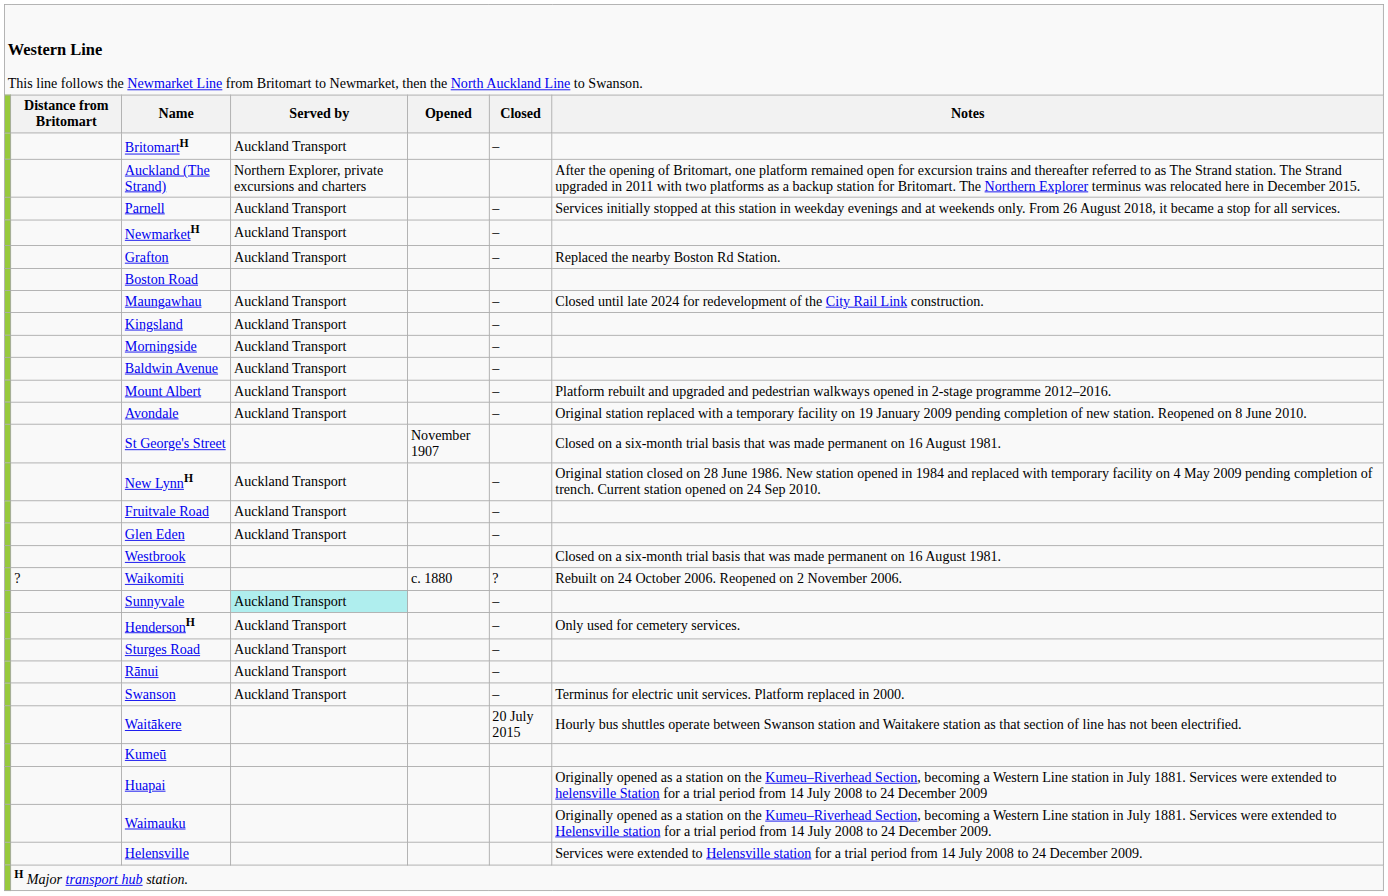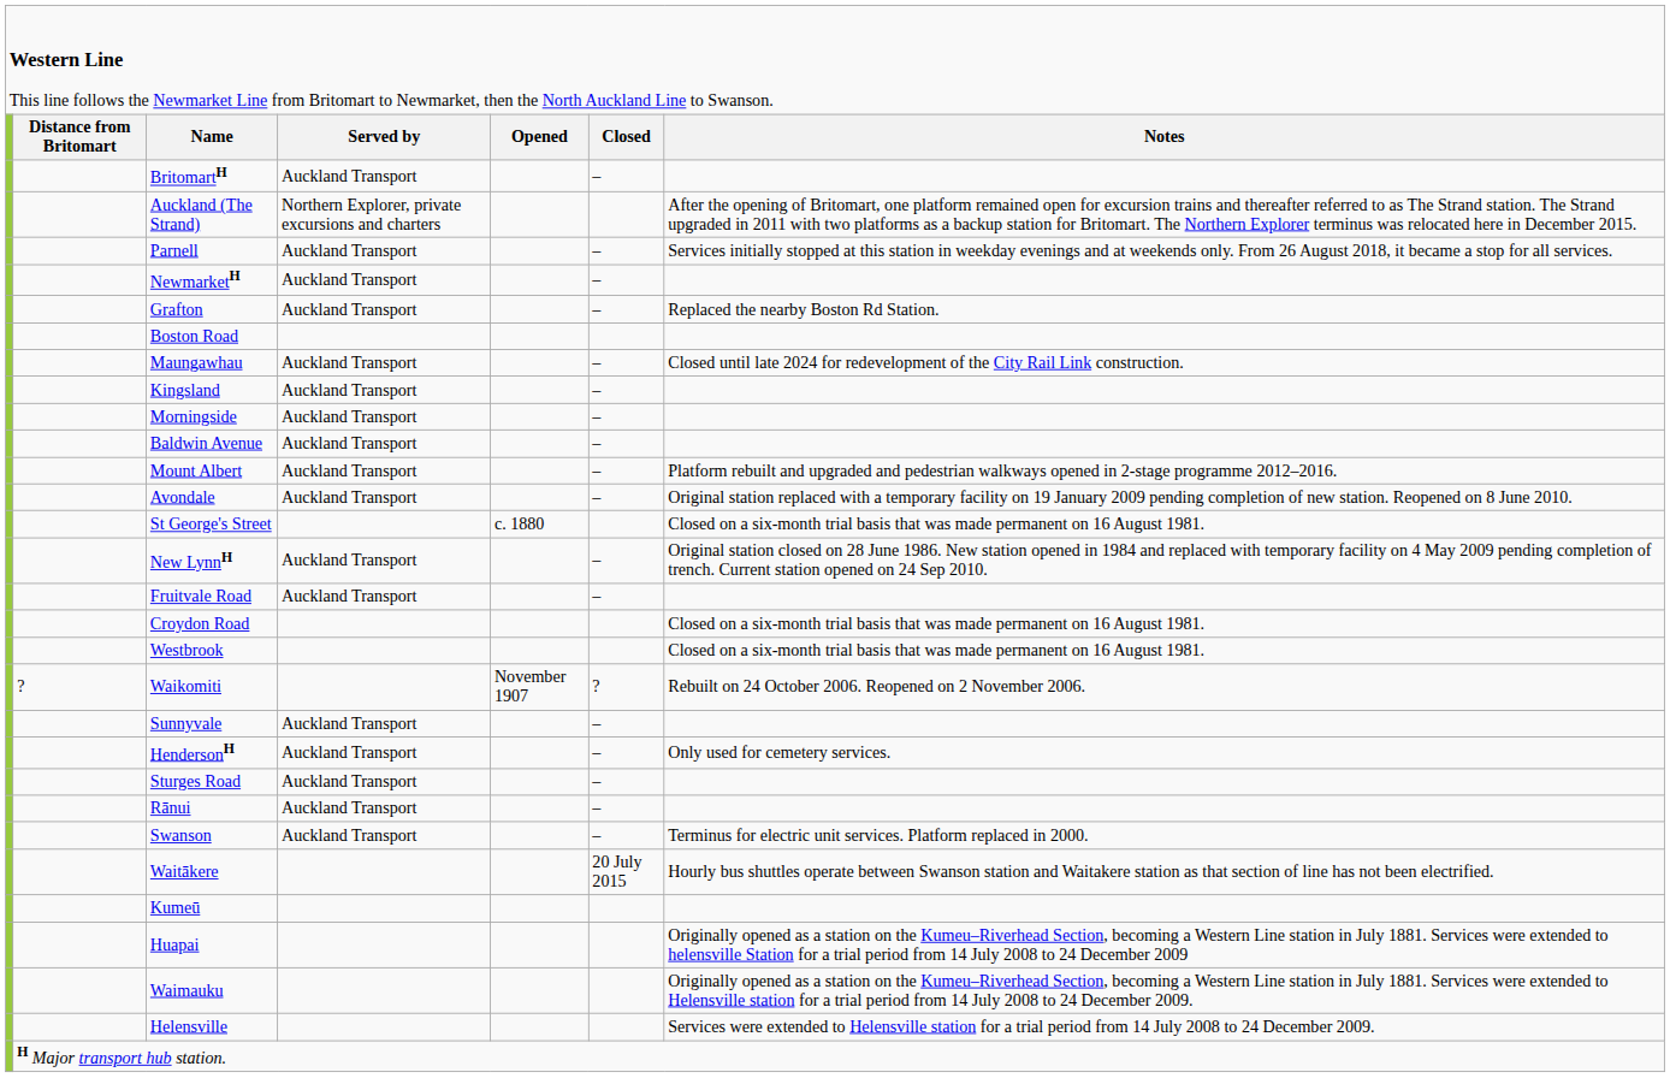 <table class="wikitable">
 <tr>
 <td align="left" colspan=7><br><h3>Western Line</h3> This line follows the <a href='#'>Newmarket Line</a> from Britomart to Newmarket, then the <a href='#'>North Auckland Line</a> to Swanson.</td>
 </tr>
 <tr>
 <td bgcolor=97c93d></td>
 <th>Distance from Britomart</th>
 <th>Name</th>
 <th>Served by</th>
 <th>Opened</th>
 <th>Closed</th>
 <th>Notes</th>
 </tr>
 <tr>
 <td bgcolor=97c93d></td>
 <td></td>
 <td><a href='#'>Britomart</a><strong><sup>H</sup></strong></td>
 <td>Auckland Transport</td>
 <td></td>
 <td>–</td>
 <td></td>
 </tr>
 <tr>
 <td bgcolor=97c93d></td>
 <td></td>
 <td><a href='#'>Auckland (The Strand)</a></td>
 <td>Northern Explorer, private excursions and charters</td>
 <td></td>
 <td></td>
 <td>After the opening of Britomart, one platform remained open for excursion trains and thereafter referred to as The Strand station. The Strand upgraded in 2011 with two platforms as a backup station for Britomart. The <a href='#'>Northern Explorer</a> terminus was relocated here in December 2015.</td>
 </tr>
 <tr>
 <td bgcolor=97c93d></td>
 <td></td>
 <td><a href='#'>Parnell</a></td>
 <td>Auckland Transport</td>
 <td></td>
 <td>–</td>
 <td>Services initially stopped at this station in weekday evenings and at weekends only. From 26 August 2018, it became a stop for all services.</td>
 </tr>
 <tr>
 <td bgcolor=97c93d></td>
 <td></td>
 <td><a href='#'>Newmarket</a><strong><sup>H</sup></strong></td>
 <td>Auckland Transport</td>
 <td></td>
 <td>–</td>
 <td></td>
 </tr>
 <tr>
 <td bgcolor=97c93d></td>
 <td></td>
 <td><a href='#'>Grafton</a></td>
 <td>Auckland Transport</td>
 <td></td>
 <td>–</td>
 <td>Replaced the nearby Boston Rd Station.</td>
 </tr>
 <tr>
 <td bgcolor=97c93d></td>
 <td></td>
 <td><a href='#'>Boston Road</a></td>
 <td></td>
 <td></td>
 <td></td>
 <td></td>
 </tr>
 <tr>
 <td bgcolor=97c93d></td>
 <td></td>
 <td><a href='#'>Maungawhau</a></td>
 <td>Auckland Transport</td>
 <td></td>
 <td>–</td>
 <td>Closed until late 2024 for redevelopment of the <a href='#'>City Rail Link</a> construction.</td>
 </tr>
 <tr>
 <td bgcolor=97c93d></td>
 <td></td>
 <td><a href='#'>Kingsland</a></td>
 <td>Auckland Transport</td>
 <td></td>
 <td>–</td>
 <td></td>
 </tr>
 <tr>
 <td bgcolor=97c93d></td>
 <td></td>
 <td><a href='#'>Morningside</a></td>
 <td>Auckland Transport</td>
 <td></td>
 <td>–</td>
 <td></td>
 </tr>
 <tr>
 <td bgcolor=97c93d></td>
 <td></td>
 <td><a href='#'>Baldwin Avenue</a></td>
 <td>Auckland Transport</td>
 <td></td>
 <td>–</td>
 <td></td>
 </tr>
 <tr>
 <td bgcolor=97c93d></td>
 <td></td>
 <td><a href='#'>Mount Albert</a></td>
 <td>Auckland Transport</td>
 <td></td>
 <td>–</td>
 <td>Platform rebuilt and upgraded and pedestrian walkways opened in 2-stage programme 2012–2016.</td>
 </tr>
 <tr>
 <td bgcolor=97c93d></td>
 <td></td>
 <td><a href='#'>Avondale</a></td>
 <td>Auckland Transport</td>
 <td></td>
 <td>–</td>
 <td>Original station replaced with a temporary facility on 19 January 2009 pending completion of new station. Reopened on 8 June 2010.</td>
 </tr>
 <tr>
 <td bgcolor=97c93d></td>
 <td></td>
 <td><a href='#'>St George's Street</a></td>
 <td></td>
-<td>November 1907</td>
+<td>c. 1880</td>
 <td></td>
 <td>Closed on a six-month trial basis that was made permanent on 16 August 1981.</td>
 </tr>
 <tr>
 <td bgcolor=97c93d></td>
 <td></td>
 <td><a href='#'>New Lynn</a><strong><sup>H</sup></strong></td>
 <td>Auckland Transport</td>
 <td></td>
 <td>–</td>
 <td>Original station closed on 28 June 1986. New station opened in 1984 and replaced with temporary facility on 4 May 2009 pending completion of trench. Current station opened on 24 Sep 2010.</td>
 </tr>
 <tr>
 <td bgcolor=97c93d></td>
 <td></td>
 <td><a href='#'>Fruitvale Road</a></td>
 <td>Auckland Transport</td>
 <td></td>
 <td>–</td>
 <td></td>
 </tr>
 <tr>
 <td bgcolor=97c93d></td>
 <td></td>
-<td><a href='#'>Glen Eden</a></td>
-<td>Auckland Transport</td>
+<td><a href='#'>Croydon Road</a></td>
 <td></td>
-<td>–</td>
+<td> </td>
 <td></td>
+<td>Closed on a six-month trial basis that was made permanent on 16 August 1981.</td>
 </tr>
 <tr>
 <td bgcolor=97c93d></td>
 <td></td>
 <td><a href='#'>Westbrook</a></td>
 <td></td>
 <td></td>
 <td></td>
 <td>Closed on a six-month trial basis that was made permanent on 16 August 1981.</td>
 </tr>
 <tr>
 <td bgcolor=97c93d></td>
 <td>?</td>
 <td><a href='#'>Waikomiti</a></td>
 <td></td>
-<td>c. 1880</td>
+<td>November 1907</td>
 <td>?</td>
 <td>Rebuilt on 24 October 2006. Reopened on 2 November 2006.</td>
 </tr>
 <tr>
 <td bgcolor=97c93d></td>
 <td></td>
 <td><a href='#'>Sunnyvale</a></td>
-<td style="background: paleturquoise;">Auckland Transport</td>
+<td>Auckland Transport</td>
 <td></td>
 <td>–</td>
 <td></td>
 </tr>
 <tr>
 <td bgcolor=97c93d></td>
 <td></td>
 <td><a href='#'>Henderson</a><strong><sup>H</sup></strong></td>
 <td>Auckland Transport</td>
 <td></td>
 <td>–</td>
 <td>Only used for cemetery services.</td>
 </tr>
 <tr>
 <td bgcolor=97c93d></td>
 <td></td>
 <td><a href='#'>Sturges Road</a></td>
 <td>Auckland Transport</td>
 <td></td>
 <td>–</td>
 <td></td>
 </tr>
 <tr>
 <td bgcolor=97c93d></td>
 <td></td>
 <td><a href='#'>Rānui</a></td>
 <td>Auckland Transport</td>
 <td></td>
 <td>–</td>
 <td></td>
 </tr>
 <tr>
 <td bgcolor=97c93d></td>
 <td></td>
 <td><a href='#'>Swanson</a></td>
 <td>Auckland Transport</td>
 <td></td>
 <td>–</td>
 <td>Terminus for electric unit services. Platform replaced in 2000.</td>
 </tr>
 <tr>
 <td bgcolor=97c93d></td>
 <td></td>
 <td><a href='#'>Waitākere</a></td>
 <td></td>
 <td></td>
 <td>20 July 2015</td>
 <td>Hourly bus shuttles operate between Swanson station and Waitakere station as that section of line has not been electrified.</td>
 </tr>
 <tr>
 <td bgcolor=97c93d></td>
 <td></td>
 <td><a href='#'>Kumeū</a></td>
 <td></td>
 <td></td>
 <td></td>
 <td></td>
 </tr>
 <tr>
 <td bgcolor=97c93d></td>
 <td></td>
 <td><a href='#'>Huapai</a></td>
 <td></td>
 <td></td>
 <td></td>
 <td>Originally opened as a station on the <a href='#'>Kumeu–Riverhead Section</a>, becoming a Western Line station in July 1881. Services were extended to <a href='#'>helensville Station</a> for a trial period from 14 July 2008 to 24 December 2009</td>
 </tr>
 <tr>
 <td bgcolor=97c93d></td>
 <td></td>
 <td><a href='#'>Waimauku</a></td>
 <td></td>
 <td></td>
 <td></td>
 <td>Originally opened as a station on the <a href='#'>Kumeu–Riverhead Section</a>, becoming a Western Line station in July 1881. Services were extended to <a href='#'>Helensville station</a> for a trial period from 14 July 2008 to 24 December 2009.</td>
 </tr>
 <tr>
 <td bgcolor=97c93d></td>
 <td></td>
 <td><a href='#'>Helensville</a></td>
 <td></td>
 <td></td>
 <td></td>
 <td>Services were extended to <a href='#'>Helensville station</a> for a trial period from 14 July 2008 to 24 December 2009.</td>
 </tr>
 <tr>
 <td bgcolor=97c93d></td>
 <td colspan=6><strong><sup>H</sup></strong> <em>Major <a href='#'>transport hub</a> station.</em></td>
 </tr>
 </table>
